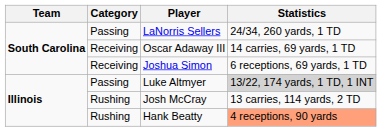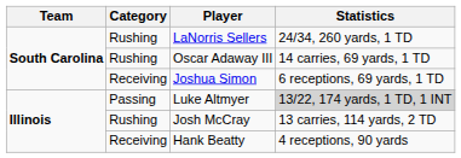 <table class="wikitable" style="float: right;">
 <tr>
 <th>Team</th>
 <th>Category</th>
 <th>Player</th>
 <th>Statistics</th>
 </tr>
 <tr>
 <td rowspan=3><strong>South Carolina</strong></td>
-<td>Passing</td>
+<td>Rushing</td>
 <td><a href='#'>LaNorris Sellers</a></td>
 <td>24/34, 260 yards, 1 TD</td>
 </tr>
 <tr>
-<td>Receiving</td>
+<td>Rushing</td>
 <td>Oscar Adaway III</td>
 <td>14 carries, 69 yards, 1 TD</td>
 </tr>
 <tr>
 <td>Receiving</td>
 <td><a href='#'>Joshua Simon</a></td>
 <td>6 receptions, 69 yards, 1 TD</td>
 </tr>
 <tr>
 <td rowspan=3><strong>Illinois</strong></td>
 <td>Passing</td>
 <td>Luke Altmyer</td>
 <td style="background: lightgrey;">13/22, 174 yards, 1 TD, 1 INT</td>
 </tr>
 <tr>
 <td>Rushing</td>
 <td>Josh McCray</td>
 <td>13 carries, 114 yards, 2 TD</td>
 </tr>
 <tr>
-<td>Rushing</td>
+<td>Receiving</td>
 <td>Hank Beatty</td>
-<td style="background: lightsalmon;">4 receptions, 90 yards</td>
+<td>4 receptions, 90 yards</td>
 </tr>
 </table>
